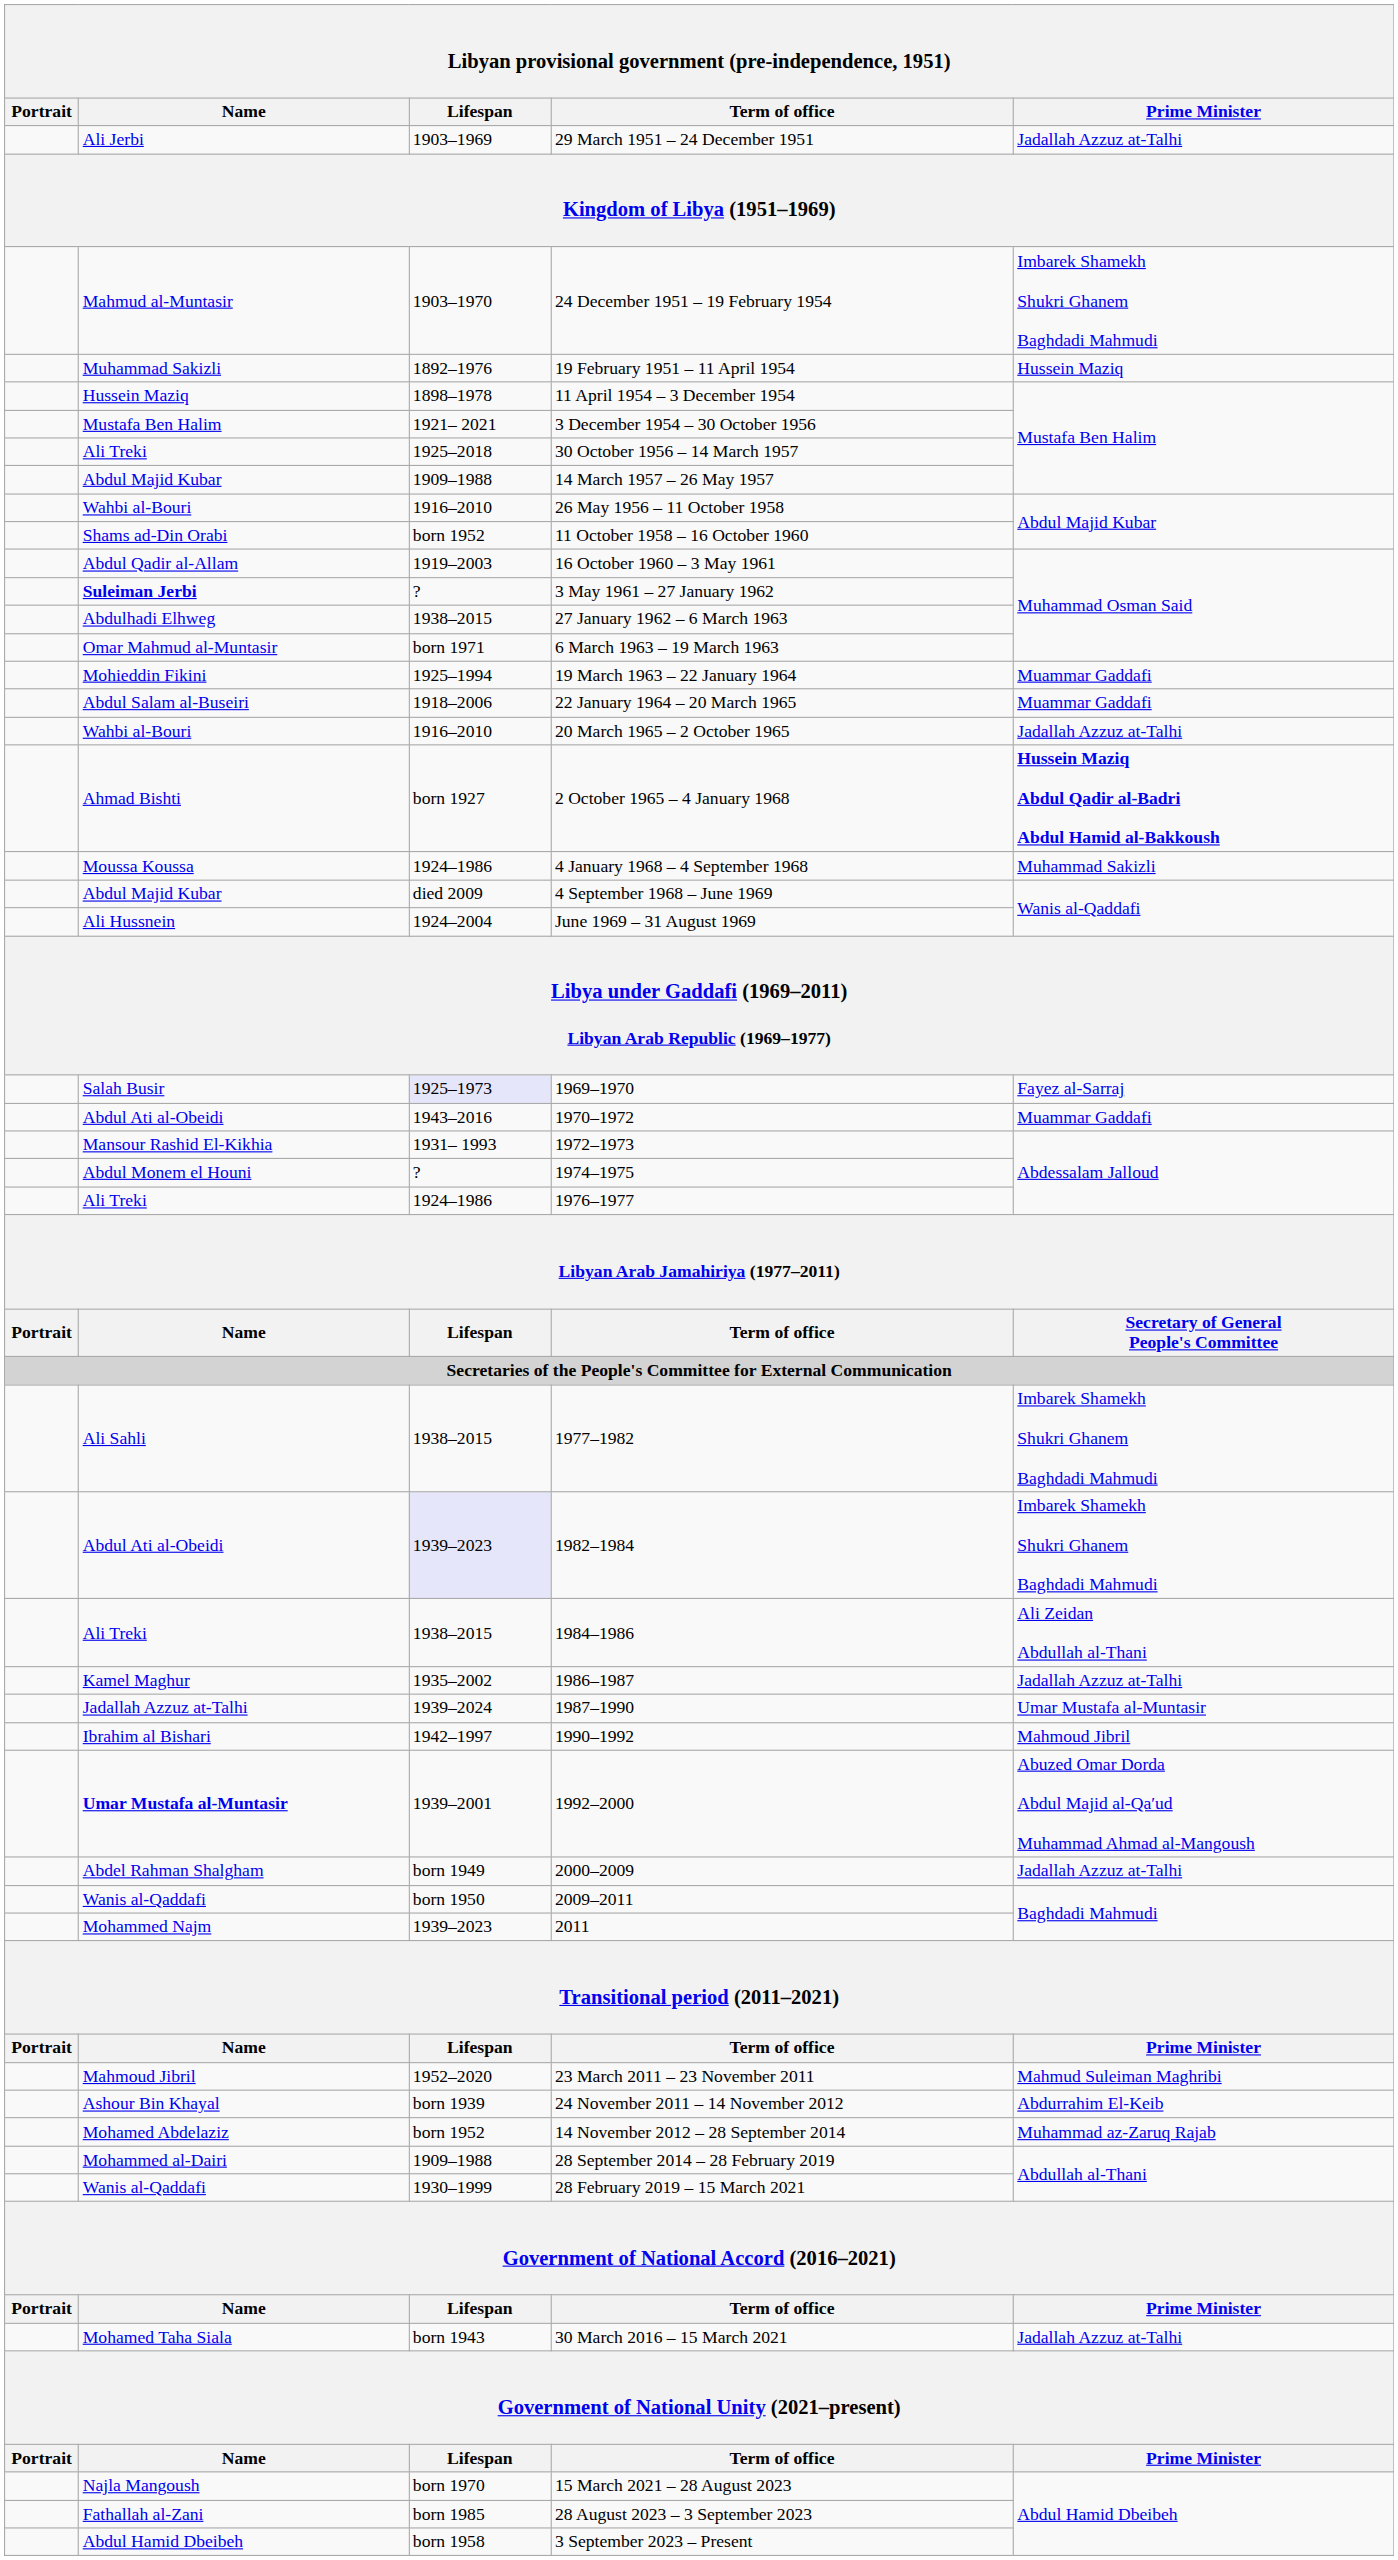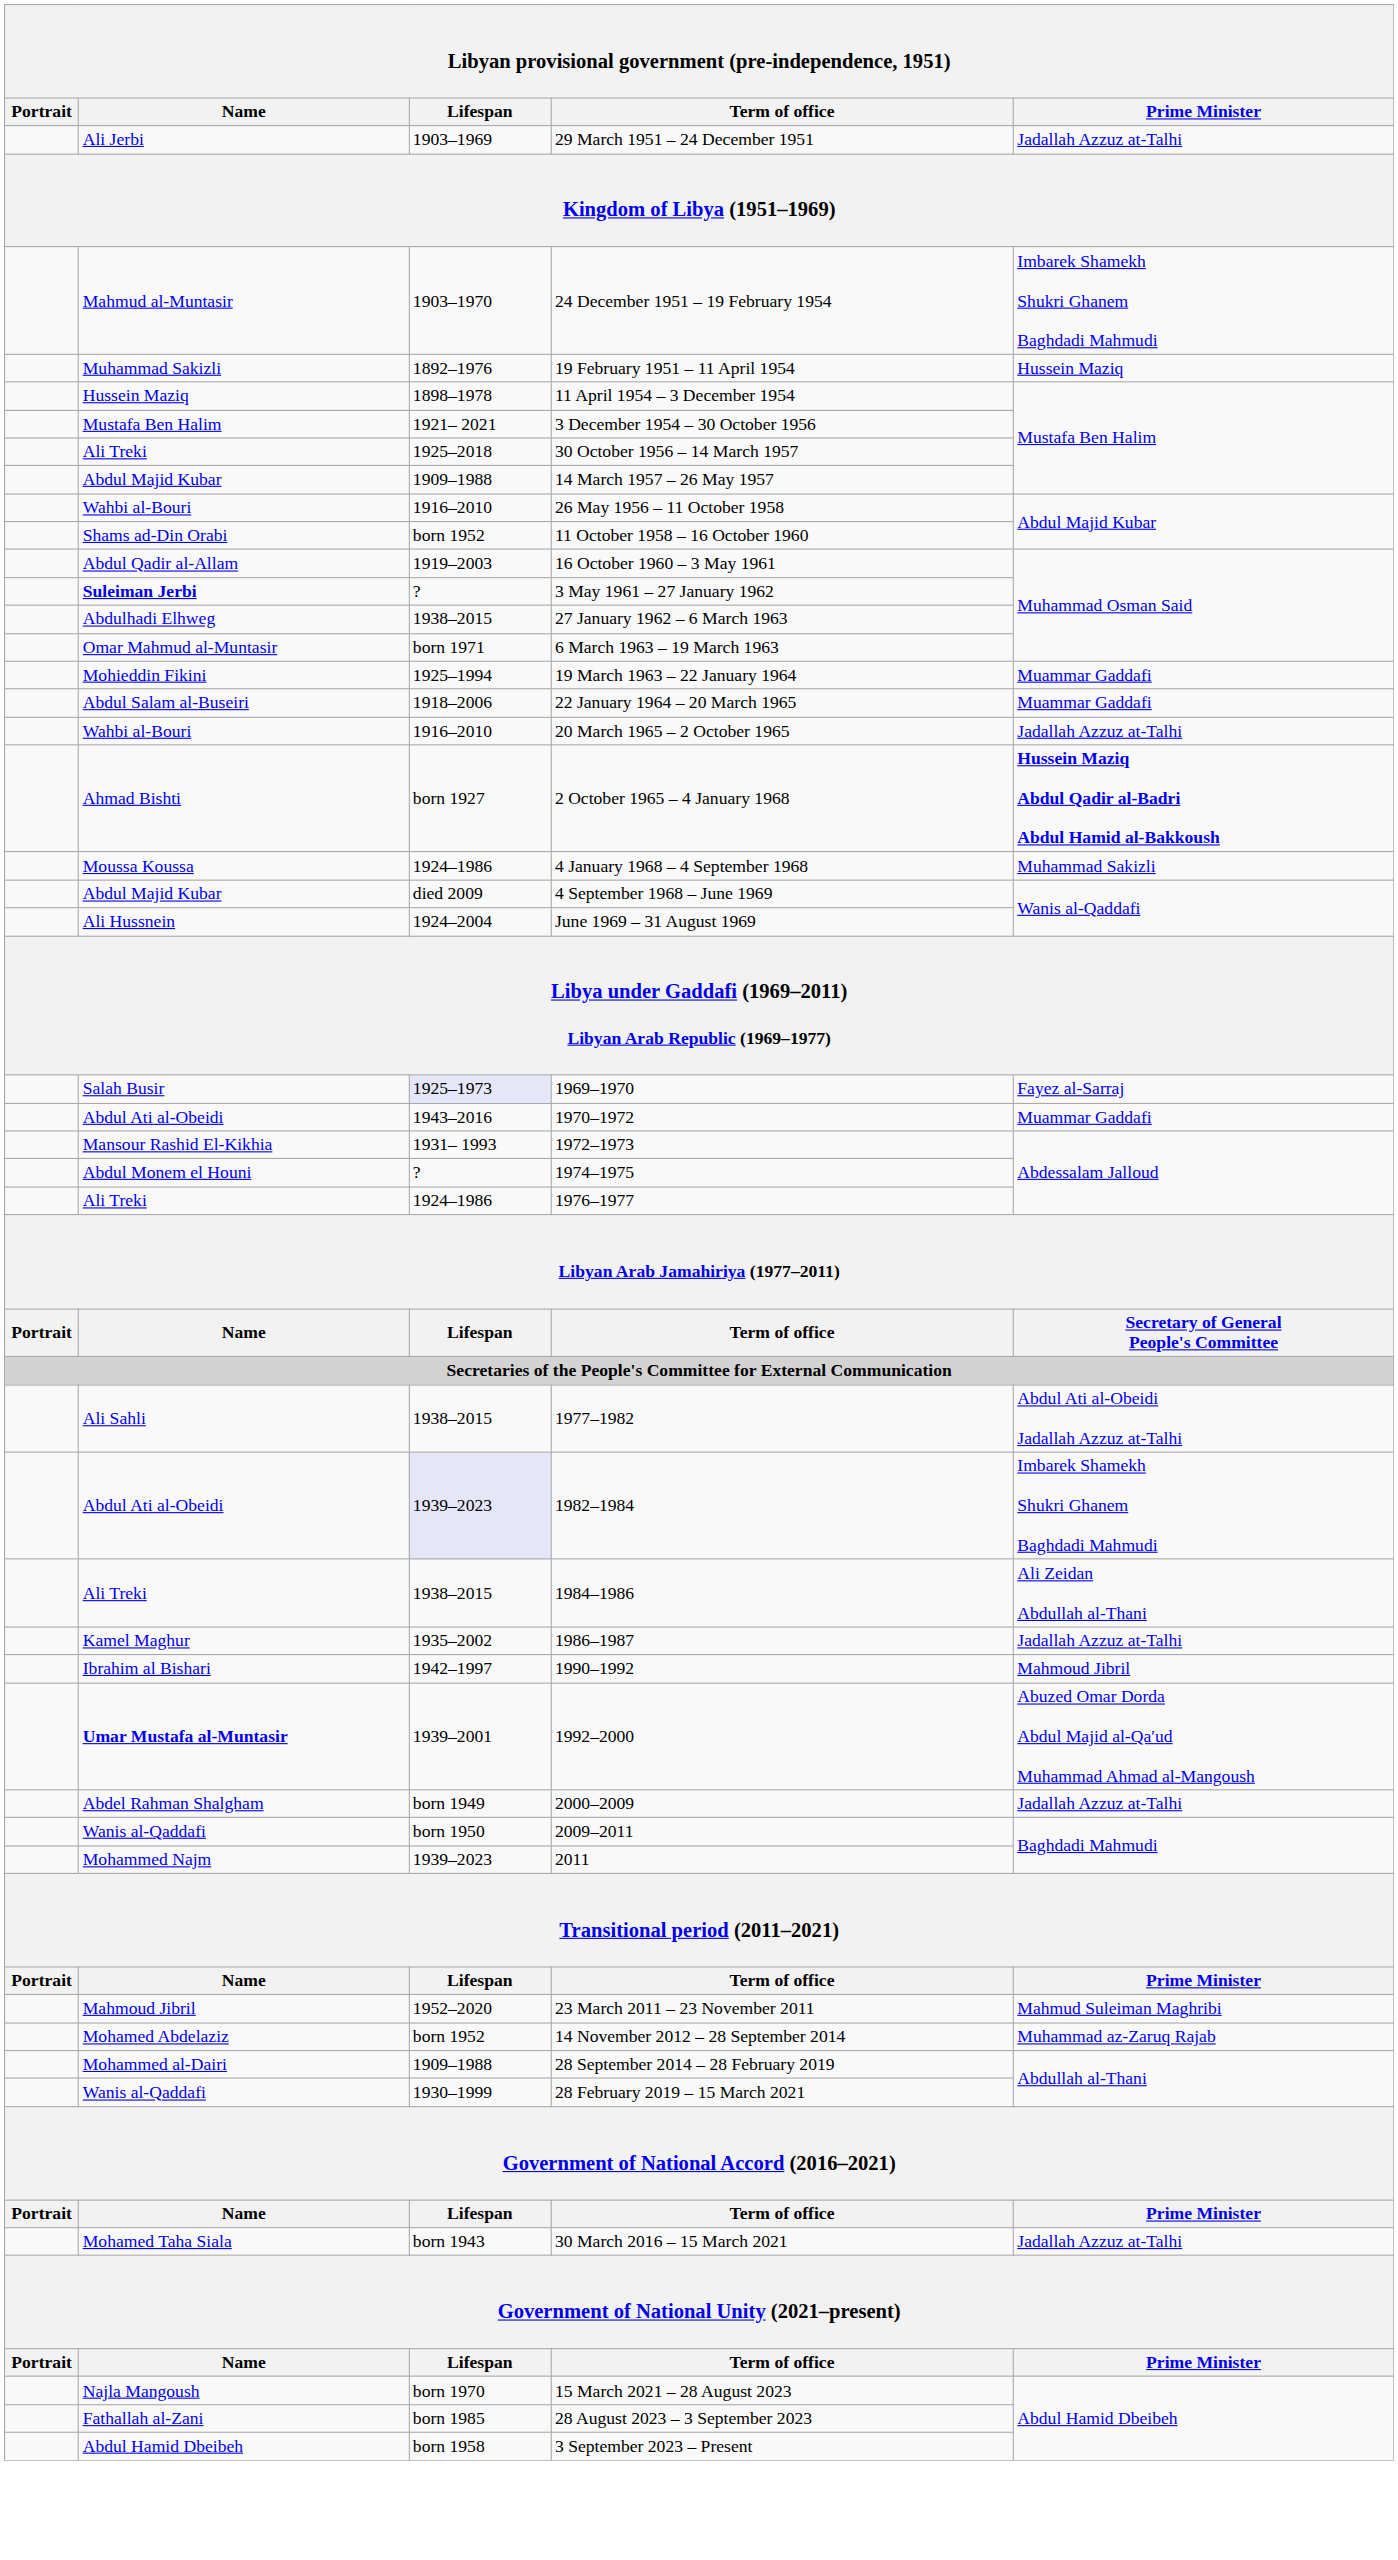 <table class="wikitable" width="100%">
 <tr>
 <th colspan=5><br><h3>Libyan provisional government (pre-independence, 1951)</h3></th>
 </tr>
 <tr>
 <th width="60px">Portrait</th>
 <th>Name</th>
 <th>Lifespan</th>
 <th>Term of office</th>
 <th><a href='#'>Prime Minister</a></th>
 </tr>
 <tr>
 <td></td>
 <td><a href='#'>Ali Jerbi</a></td>
 <td>1903–1969</td>
 <td>29 March 1951 – 24 December 1951</td>
 <td><a href='#'>Jadallah Azzuz at-Talhi</a></td>
 </tr>
 <tr>
 <th colspan=5><br><h3><a href='#'>Kingdom of Libya</a> (1951–1969)</h3></th>
 </tr>
 <tr>
 <td></td>
 <td><a href='#'>Mahmud al-Muntasir</a></td>
 <td>1903–1970</td>
 <td>24 December 1951 – 19 February 1954</td>
 <td><a href='#'>Imbarek Shamekh</a><br><br><a href='#'>Shukri Ghanem</a><br><br><a href='#'>Baghdadi Mahmudi</a><br></td>
 </tr>
 <tr>
 <td></td>
 <td><a href='#'>Muhammad Sakizli</a></td>
 <td>1892–1976</td>
 <td>19 February 1951 – 11 April 1954</td>
 <td><a href='#'>Hussein Maziq</a></td>
 </tr>
 <tr>
 <td></td>
 <td><a href='#'>Hussein Maziq</a></td>
 <td>1898–1978</td>
 <td>11 April 1954 – 3 December 1954</td>
 <td rowspan="4"><a href='#'>Mustafa Ben Halim</a></td>
 </tr>
 <tr>
 <td></td>
 <td><a href='#'>Mustafa Ben Halim</a></td>
 <td>1921– 2021</td>
 <td>3 December 1954 – 30 October 1956</td>
 </tr>
 <tr>
 <td></td>
 <td><a href='#'>Ali Treki</a></td>
 <td>1925–2018</td>
 <td>30 October 1956 – 14 March 1957</td>
 </tr>
 <tr>
 <td></td>
 <td><a href='#'>Abdul Majid Kubar</a><br></td>
 <td>1909–1988</td>
 <td>14 March 1957 – 26 May 1957</td>
 </tr>
 <tr>
 <td></td>
 <td><a href='#'>Wahbi al-Bouri</a><br></td>
 <td>1916–2010</td>
 <td>26 May 1956 – 11 October 1958</td>
 <td rowspan="2"><a href='#'>Abdul Majid Kubar</a></td>
 </tr>
 <tr>
 <td></td>
 <td><a href='#'>Shams ad-Din Orabi</a></td>
 <td>born 1952</td>
 <td>11 October 1958 – 16 October 1960</td>
 </tr>
 <tr>
 <td></td>
 <td><a href='#'>Abdul Qadir al-Allam</a></td>
 <td>1919–2003</td>
 <td>16 October 1960 – 3 May 1961</td>
 <td rowspan="4"><a href='#'>Muhammad Osman Said</a></td>
 </tr>
 <tr>
 <td></td>
 <td><strong><a href='#'>Suleiman Jerbi</a></strong></td>
 <td>?</td>
 <td>3 May 1961 – 27 January 1962</td>
 </tr>
 <tr>
 <td></td>
 <td><a href='#'>Abdulhadi Elhweg</a></td>
 <td>1938–2015</td>
 <td>27 January 1962 – 6 March 1963</td>
 </tr>
 <tr>
 <td></td>
 <td><a href='#'>Omar Mahmud al-Muntasir</a></td>
 <td>born 1971</td>
 <td>6 March 1963 – 19 March 1963</td>
 </tr>
 <tr>
 <td></td>
 <td><a href='#'>Mohieddin Fikini</a></td>
 <td>1925–1994</td>
 <td>19 March 1963 – 22 January 1964</td>
 <td><a href='#'>Muammar Gaddafi</a></td>
 </tr>
 <tr>
 <td></td>
 <td><a href='#'>Abdul Salam al-Buseiri</a></td>
 <td>1918–2006</td>
 <td>22 January 1964 – 20 March 1965</td>
 <td><a href='#'>Muammar Gaddafi</a></td>
 </tr>
 <tr>
 <td></td>
 <td><a href='#'>Wahbi al-Bouri</a><br></td>
 <td>1916–2010</td>
 <td>20 March 1965 – 2 October 1965</td>
 <td><a href='#'>Jadallah Azzuz at-Talhi</a></td>
 </tr>
 <tr>
 <td></td>
 <td><a href='#'>Ahmad Bishti</a></td>
 <td>born 1927</td>
 <td>2 October 1965 – 4 January 1968</td>
 <td><strong><a href='#'>Hussein Maziq</a><br><br><a href='#'>Abdul Qadir al-Badri</a><br><br><a href='#'>Abdul Hamid al-Bakkoush</a><br></strong></td>
 </tr>
 <tr>
 <td></td>
 <td><a href='#'>Moussa Koussa</a></td>
 <td>1924–1986</td>
 <td>4 January 1968 – 4 September 1968</td>
 <td><a href='#'>Muhammad Sakizli</a></td>
 </tr>
 <tr>
 <td></td>
 <td><a href='#'>Abdul Majid Kubar</a><br></td>
 <td>died 2009</td>
 <td>4 September 1968 – June 1969</td>
 <td rowspan="2"><a href='#'>Wanis al-Qaddafi</a></td>
 </tr>
 <tr>
 <td></td>
 <td><a href='#'>Ali Hussnein</a></td>
 <td>1924–2004</td>
 <td>June 1969 – 31 August 1969</td>
 </tr>
 <tr>
 <th colspan=5><br><h3><a href='#'>Libya under Gaddafi</a> (1969–2011)</h3><h4><a href='#'>Libyan Arab Republic</a> (1969–1977)</h4></th>
 </tr>
 <tr>
 <td></td>
 <td><a href='#'>Salah Busir</a></td>
 <td style="background: lavender;">1925–1973</td>
 <td>1969–1970</td>
 <td><a href='#'>Fayez al-Sarraj</a></td>
 </tr>
 <tr>
 <td></td>
 <td><a href='#'>Abdul Ati al-Obeidi</a><br></td>
 <td>1943–2016</td>
 <td>1970–1972</td>
 <td><a href='#'>Muammar Gaddafi</a></td>
 </tr>
 <tr>
 <td></td>
 <td><a href='#'>Mansour Rashid El-Kikhia</a></td>
 <td>1931– 1993</td>
 <td>1972–1973</td>
 <td rowspan="3"><a href='#'>Abdessalam Jalloud</a></td>
 </tr>
 <tr>
 <td></td>
 <td><a href='#'>Abdul Monem el Houni</a></td>
 <td>?</td>
 <td>1974–1975</td>
 </tr>
 <tr>
 <td></td>
 <td><a href='#'>Ali Treki</a><br></td>
 <td>1924–1986</td>
 <td>1976–1977</td>
 </tr>
 <tr>
 <th colspan=5><br><h4><a href='#'>Libyan Arab Jamahiriya</a> (1977–2011)</h4></th>
 </tr>
 <tr>
 <th>Portrait</th>
 <th>Name</th>
 <th>Lifespan</th>
 <th>Term of office</th>
 <th><a href='#'>Secretary of General<br>People's Committee</a></th>
 </tr>
 <tr>
 <td colspan="5" bgcolor="lightgrey" align="center"><strong>Secretaries of the People's Committee for External Communication</strong></td>
 </tr>
 <tr>
 <td></td>
 <td><a href='#'>Ali Sahli</a></td>
 <td>1938–2015</td>
 <td>1977–1982</td>
-<td><a href='#'>Imbarek Shamekh</a><br><br><a href='#'>Shukri Ghanem</a><br><br><a href='#'>Baghdadi Mahmudi</a><br></td>
+<td><a href='#'>Abdul Ati al-Obeidi</a><br><br><a href='#'>Jadallah Azzuz at-Talhi</a><br></td>
 </tr>
 <tr>
 <td></td>
 <td><a href='#'>Abdul Ati al-Obeidi</a><br></td>
 <td style="background: lavender;">1939–2023</td>
 <td>1982–1984</td>
 <td><a href='#'>Imbarek Shamekh</a><br><br><a href='#'>Shukri Ghanem</a><br><br><a href='#'>Baghdadi Mahmudi</a><br></td>
 </tr>
 <tr>
 <td></td>
 <td><a href='#'>Ali Treki</a><br></td>
 <td>1938–2015</td>
 <td>1984–1986</td>
 <td><a href='#'>Ali Zeidan</a><br><br><a href='#'>Abdullah al-Thani</a><br></td>
 </tr>
 <tr>
 <td></td>
 <td><a href='#'>Kamel Maghur</a></td>
 <td>1935–2002</td>
 <td>1986–1987</td>
 <td><a href='#'>Jadallah Azzuz at-Talhi</a></td>
-</tr>
-<tr>
-<td></td>
-<td><a href='#'>Jadallah Azzuz at-Talhi</a></td>
-<td>1939–2024</td>
-<td>1987–1990</td>
-<td><a href='#'>Umar Mustafa al-Muntasir</a></td>
 </tr>
 <tr>
 <td></td>
 <td><a href='#'>Ibrahim al Bishari</a></td>
 <td> 1942–1997</td>
 <td>1990–1992</td>
 <td><a href='#'>Mahmoud Jibril</a></td>
 </tr>
 <tr>
 <td></td>
 <td><strong><a href='#'>Umar Mustafa al-Muntasir</a></strong></td>
 <td>1939–2001</td>
 <td>1992–2000</td>
 <td><a href='#'>Abuzed Omar Dorda</a><br><br><a href='#'>Abdul Majid al-Qa′ud</a><br><br><a href='#'>Muhammad Ahmad al-Mangoush</a><br></td>
 </tr>
 <tr>
 <td></td>
 <td><a href='#'>Abdel Rahman Shalgham</a></td>
 <td>born 1949</td>
 <td>2000–2009</td>
 <td><a href='#'>Jadallah Azzuz at-Talhi</a></td>
 </tr>
 <tr>
 <td></td>
 <td><a href='#'>Wanis al-Qaddafi</a><br></td>
 <td>born 1950</td>
 <td>2009–2011</td>
 <td rowspan="2"><a href='#'>Baghdadi Mahmudi</a></td>
 </tr>
 <tr>
 <td></td>
 <td><a href='#'>Mohammed Najm</a></td>
 <td>1939–2023</td>
 <td>2011</td>
 </tr>
 <tr>
 <th colspan=5><br><h3><a href='#'>Transitional period</a> (2011–2021)</h3></th>
 </tr>
 <tr>
 <th>Portrait</th>
 <th>Name</th>
 <th>Lifespan</th>
 <th>Term of office</th>
 <th><a href='#'>Prime Minister</a></th>
 </tr>
 <tr>
 <td></td>
 <td><a href='#'>Mahmoud Jibril</a></td>
 <td>1952–2020</td>
 <td>23 March 2011 – 23 November 2011</td>
 <td><a href='#'>Mahmud Suleiman Maghribi</a></td>
-</tr>
-<tr>
-<td></td>
-<td><a href='#'>Ashour Bin Khayal</a></td>
-<td>born 1939</td>
-<td>24 November 2011 – 14 November 2012</td>
-<td><a href='#'>Abdurrahim El-Keib</a></td>
 </tr>
 <tr>
 <td></td>
 <td><a href='#'>Mohamed Abdelaziz</a></td>
 <td>born  1952</td>
 <td>14 November 2012 – 28 September 2014</td>
 <td><a href='#'>Muhammad az-Zaruq Rajab</a></td>
 </tr>
 <tr>
 <td></td>
 <td><a href='#'>Mohammed al-Dairi</a></td>
 <td>1909–1988</td>
 <td>28 September 2014 – 28 February 2019</td>
 <td rowspan="2"><a href='#'>Abdullah al-Thani</a></td>
 </tr>
 <tr>
 <td></td>
 <td><a href='#'>Wanis al-Qaddafi</a><br></td>
 <td>1930–1999</td>
 <td>28 February 2019 – 15 March 2021</td>
 </tr>
 <tr>
 <th colspan=5><br><h3><a href='#'>Government of National Accord</a> (2016–2021)</h3></th>
 </tr>
 <tr>
 <th>Portrait</th>
 <th>Name</th>
 <th>Lifespan</th>
 <th>Term of office</th>
 <th><a href='#'>Prime Minister</a></th>
 </tr>
 <tr>
 <td></td>
 <td><a href='#'>Mohamed Taha Siala</a></td>
 <td>born 1943</td>
 <td>30 March 2016 – 15 March 2021</td>
 <td><a href='#'>Jadallah Azzuz at-Talhi</a></td>
 </tr>
 <tr>
 <th colspan=5><br><h3><a href='#'>Government of National Unity</a> (2021–present)</h3></th>
 </tr>
 <tr>
 <th>Portrait</th>
 <th>Name</th>
 <th>Lifespan</th>
 <th>Term of office</th>
 <th><a href='#'>Prime Minister</a></th>
 </tr>
 <tr>
 <td></td>
 <td><a href='#'>Najla Mangoush</a></td>
 <td>born 1970</td>
 <td>15 March 2021 – 28 August 2023 </td>
 <td rowspan="3"><a href='#'>Abdul Hamid Dbeibeh</a></td>
 </tr>
 <tr>
 <td></td>
 <td><a href='#'>Fathallah al-Zani</a> </td>
 <td>born 1985</td>
 <td>28 August 2023 – 3 September 2023</td>
 </tr>
 <tr>
 <td></td>
 <td><a href='#'>Abdul Hamid Dbeibeh</a> </td>
 <td>born 1958</td>
 <td>3 September 2023 – Present</td>
 </tr>
 </table>
